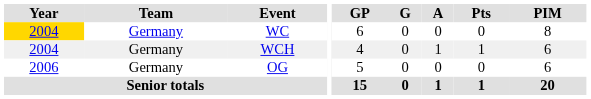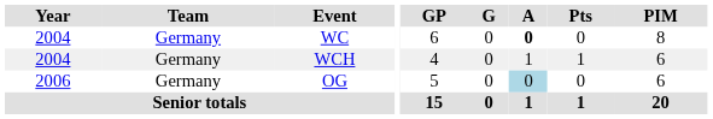 <table border="0" cellpadding="1" cellspacing="0" ID="Table3" style="text-align:center; width:40em">
 <tr ALIGN="center" bgcolor="#e0e0e0">
 <th>Year</th>
 <th>Team</th>
 <th>Event</th>
 <th rowspan="99" bgcolor="#ffffff"></th>
 <th>GP</th>
 <th>G</th>
 <th>A</th>
 <th>Pts</th>
 <th>PIM</th>
 </tr>
 <tr>
-<td style="background: gold;"><a href='#'>2004</a></td>
+<td><a href='#'>2004</a></td>
 <td><a href='#'>Germany</a></td>
 <td><a href='#'>WC</a></td>
 <td>6</td>
 <td>0</td>
-<td>0</td>
+<td><strong>0</strong></td>
 <td>0</td>
 <td>8</td>
 </tr>
 <tr bgcolor="#f0f0f0">
 <td><a href='#'>2004</a></td>
 <td>Germany</td>
 <td><a href='#'>WCH</a></td>
 <td>4</td>
 <td>0</td>
 <td>1</td>
 <td>1</td>
 <td>6</td>
 </tr>
 <tr>
 <td><a href='#'>2006</a></td>
 <td>Germany</td>
 <td><a href='#'>OG</a></td>
 <td>5</td>
 <td>0</td>
-<td>0</td>
+<td style="background: lightblue;">0</td>
 <td>0</td>
 <td>6</td>
 </tr>
 <tr bgcolor="#e0e0e0">
 <th colspan="3">Senior totals</th>
 <th>15</th>
 <th>0</th>
 <th>1</th>
 <th>1</th>
 <th>20</th>
 </tr>
 </table>
